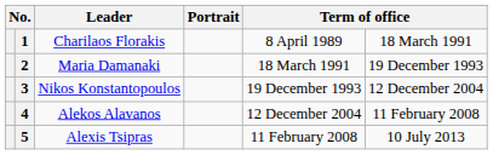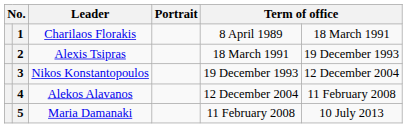 <table class="wikitable"  style="text-align:center;">
 <tr>
 <th colspan=2>No.</th>
 <th>Leader</th>
 <th>Portrait</th>
 <th colspan=2>Term of office</th>
 </tr>
 <tr>
 <th style="background:"></th>
 <th>1</th>
 <td><a href='#'>Charilaos Florakis</a></td>
 <td></td>
 <td>8 April 1989</td>
 <td>18 March 1991</td>
 </tr>
 <tr>
 <th style="background:"></th>
 <th>2</th>
-<td><a href='#'>Maria Damanaki</a></td>
+<td><a href='#'>Alexis Tsipras</a></td>
 <td></td>
 <td>18 March 1991</td>
 <td>19 December 1993</td>
 </tr>
 <tr>
 <th style="background:"></th>
 <th>3</th>
 <td><a href='#'>Nikos Konstantopoulos</a></td>
 <td></td>
 <td>19 December 1993</td>
 <td>12 December 2004</td>
 </tr>
 <tr>
 <th style="background:"></th>
 <th>4</th>
 <td><a href='#'>Alekos Alavanos</a></td>
 <td></td>
 <td>12 December 2004</td>
 <td>11 February 2008</td>
 </tr>
 <tr>
 <th style="background:"></th>
 <th>5</th>
-<td><a href='#'>Alexis Tsipras</a></td>
+<td><a href='#'>Maria Damanaki</a></td>
 <td></td>
 <td>11 February 2008</td>
 <td>10 July 2013</td>
 </tr>
 </table>
